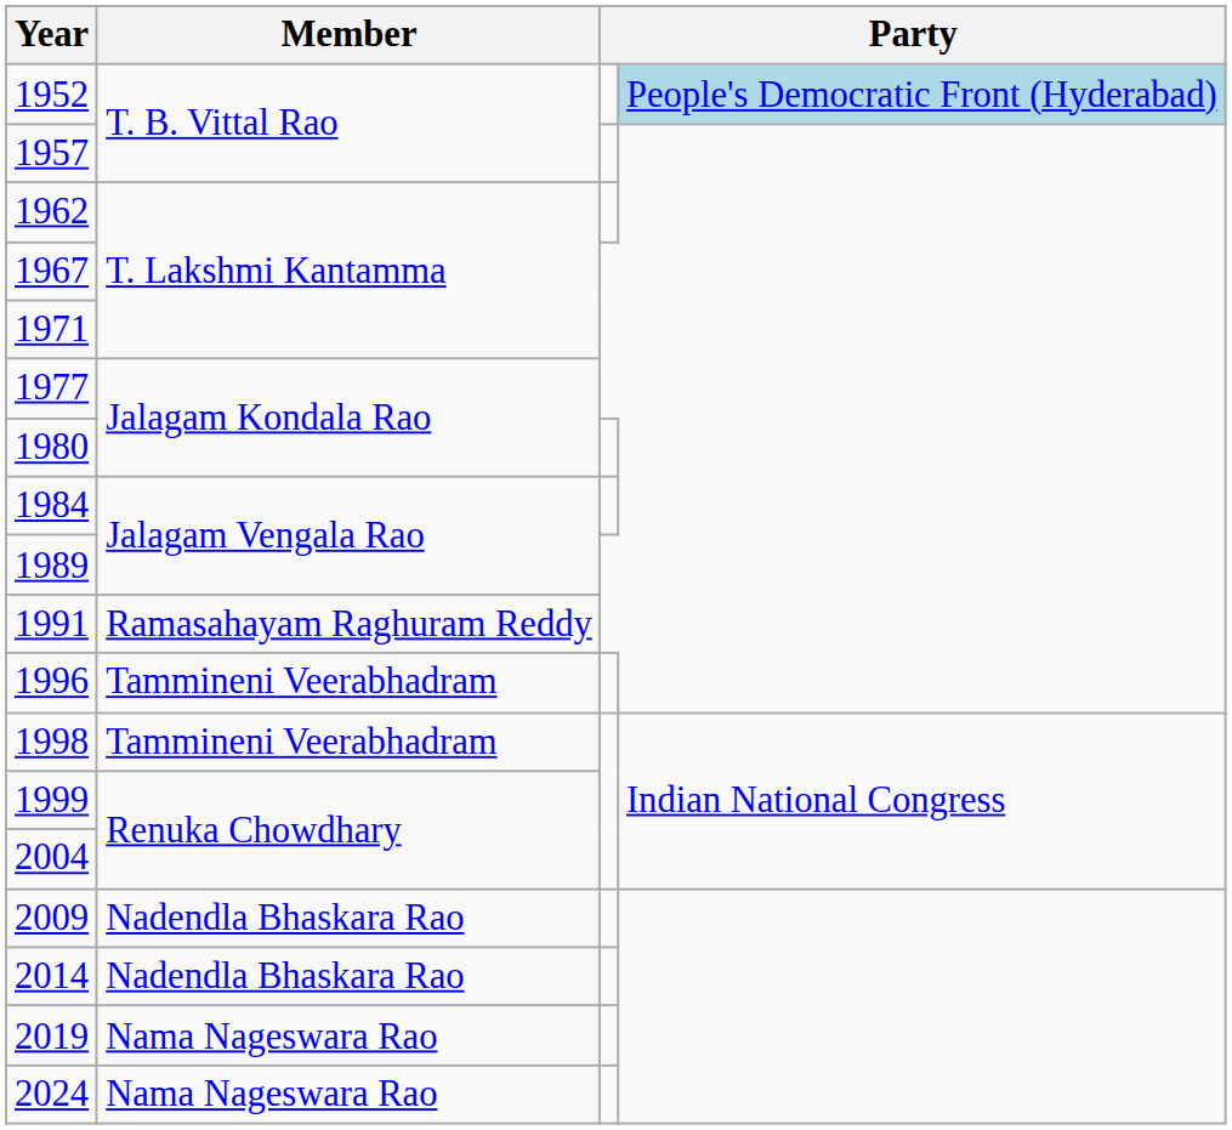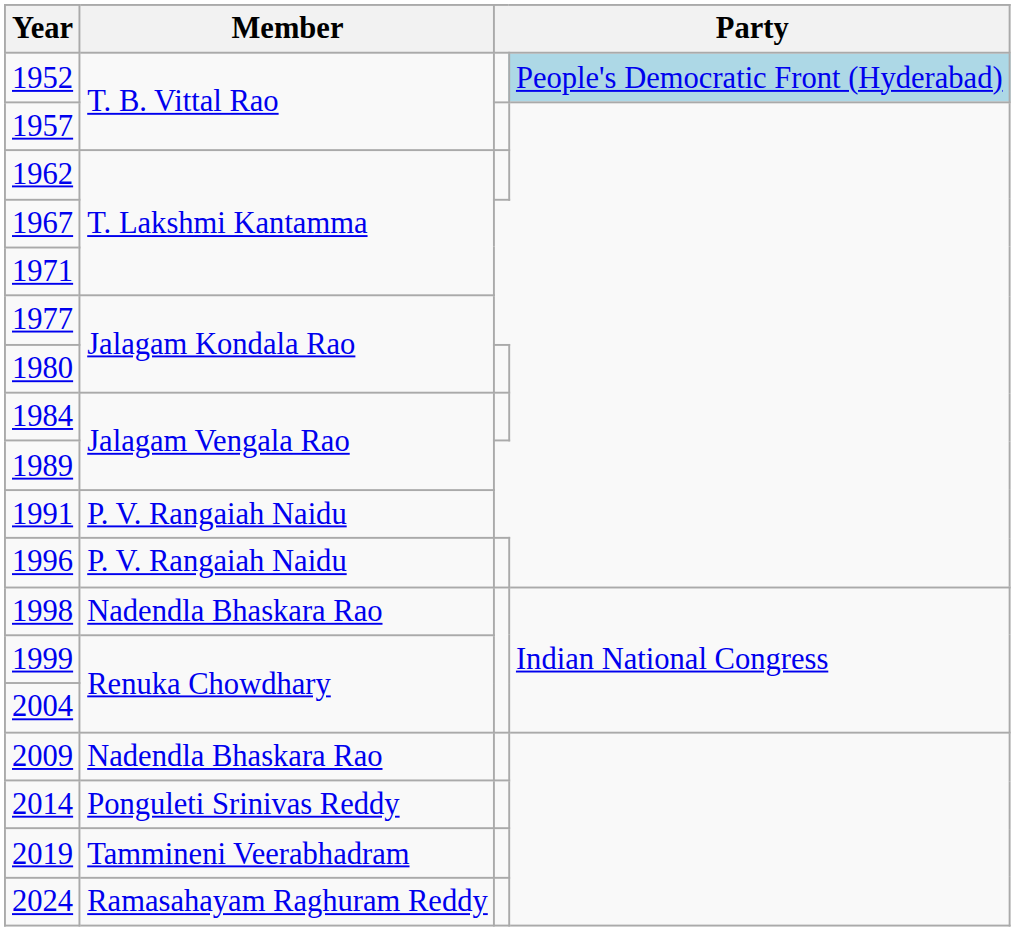 <table class="wikitable sortable">
 <tr>
 <th>Year</th>
 <th>Member</th>
 <th colspan="2">Party</th>
 </tr>
 <tr>
 <td><a href='#'>1952</a></td>
 <td rowspan="2"><a href='#'>T. B. Vittal Rao</a></td>
 <td style="background-color: "></td>
 <td style="background: lightblue;"><a href='#'>People's Democratic Front (Hyderabad)</a></td>
 </tr>
 <tr>
 <td><a href='#'>1957</a></td>
 <td></td>
 </tr>
 <tr>
 <td><a href='#'>1962</a></td>
 <td rowspan="3"><a href='#'>T. Lakshmi Kantamma</a></td>
 <td></td>
 </tr>
 <tr>
 <td><a href='#'>1967</a></td>
 </tr>
 <tr>
 <td><a href='#'>1971</a></td>
 </tr>
 <tr>
 <td><a href='#'>1977</a></td>
 <td rowspan="2"><a href='#'>Jalagam Kondala Rao</a></td>
 </tr>
 <tr>
 <td><a href='#'>1980</a></td>
 <td></td>
 </tr>
 <tr>
 <td><a href='#'>1984</a></td>
 <td rowspan="2"><a href='#'>Jalagam Vengala Rao</a></td>
 <td></td>
 </tr>
 <tr>
 <td><a href='#'>1989</a></td>
 </tr>
 <tr>
 <td><a href='#'>1991</a></td>
-<td><a href='#'>Ramasahayam Raghuram Reddy</a></td>
+<td><a href='#'>P. V. Rangaiah Naidu</a></td>
 </tr>
 <tr>
 <td><a href='#'>1996</a></td>
-<td><a href='#'>Tammineni Veerabhadram</a></td>
+<td><a href='#'>P. V. Rangaiah Naidu</a></td>
 <td></td>
 </tr>
 <tr>
 <td><a href='#'>1998</a></td>
-<td><a href='#'>Tammineni Veerabhadram</a></td>
+<td><a href='#'>Nadendla Bhaskara Rao</a></td>
 <td rowspan="3" style="background-color: "></td>
 <td rowspan="3"><a href='#'>Indian National Congress</a></td>
 </tr>
 <tr>
 <td><a href='#'>1999</a></td>
 <td rowspan="2"><a href='#'>Renuka Chowdhary</a></td>
 </tr>
 <tr>
 <td><a href='#'>2004</a></td>
 </tr>
 <tr>
 <td><a href='#'>2009</a></td>
 <td><a href='#'>Nadendla Bhaskara Rao</a></td>
 <td></td>
 </tr>
 <tr>
 <td><a href='#'>2014</a></td>
-<td><a href='#'>Nadendla Bhaskara Rao</a></td>
+<td><a href='#'>Ponguleti Srinivas Reddy</a></td>
 <td></td>
 </tr>
 <tr>
 <td><a href='#'>2019</a></td>
-<td><a href='#'>Nama Nageswara Rao</a></td>
+<td><a href='#'>Tammineni Veerabhadram</a></td>
 <td></td>
 </tr>
 <tr>
 <td><a href='#'>2024</a></td>
-<td><a href='#'>Nama Nageswara Rao</a></td>
+<td><a href='#'>Ramasahayam Raghuram Reddy</a></td>
 <td></td>
 </tr>
 </table>
